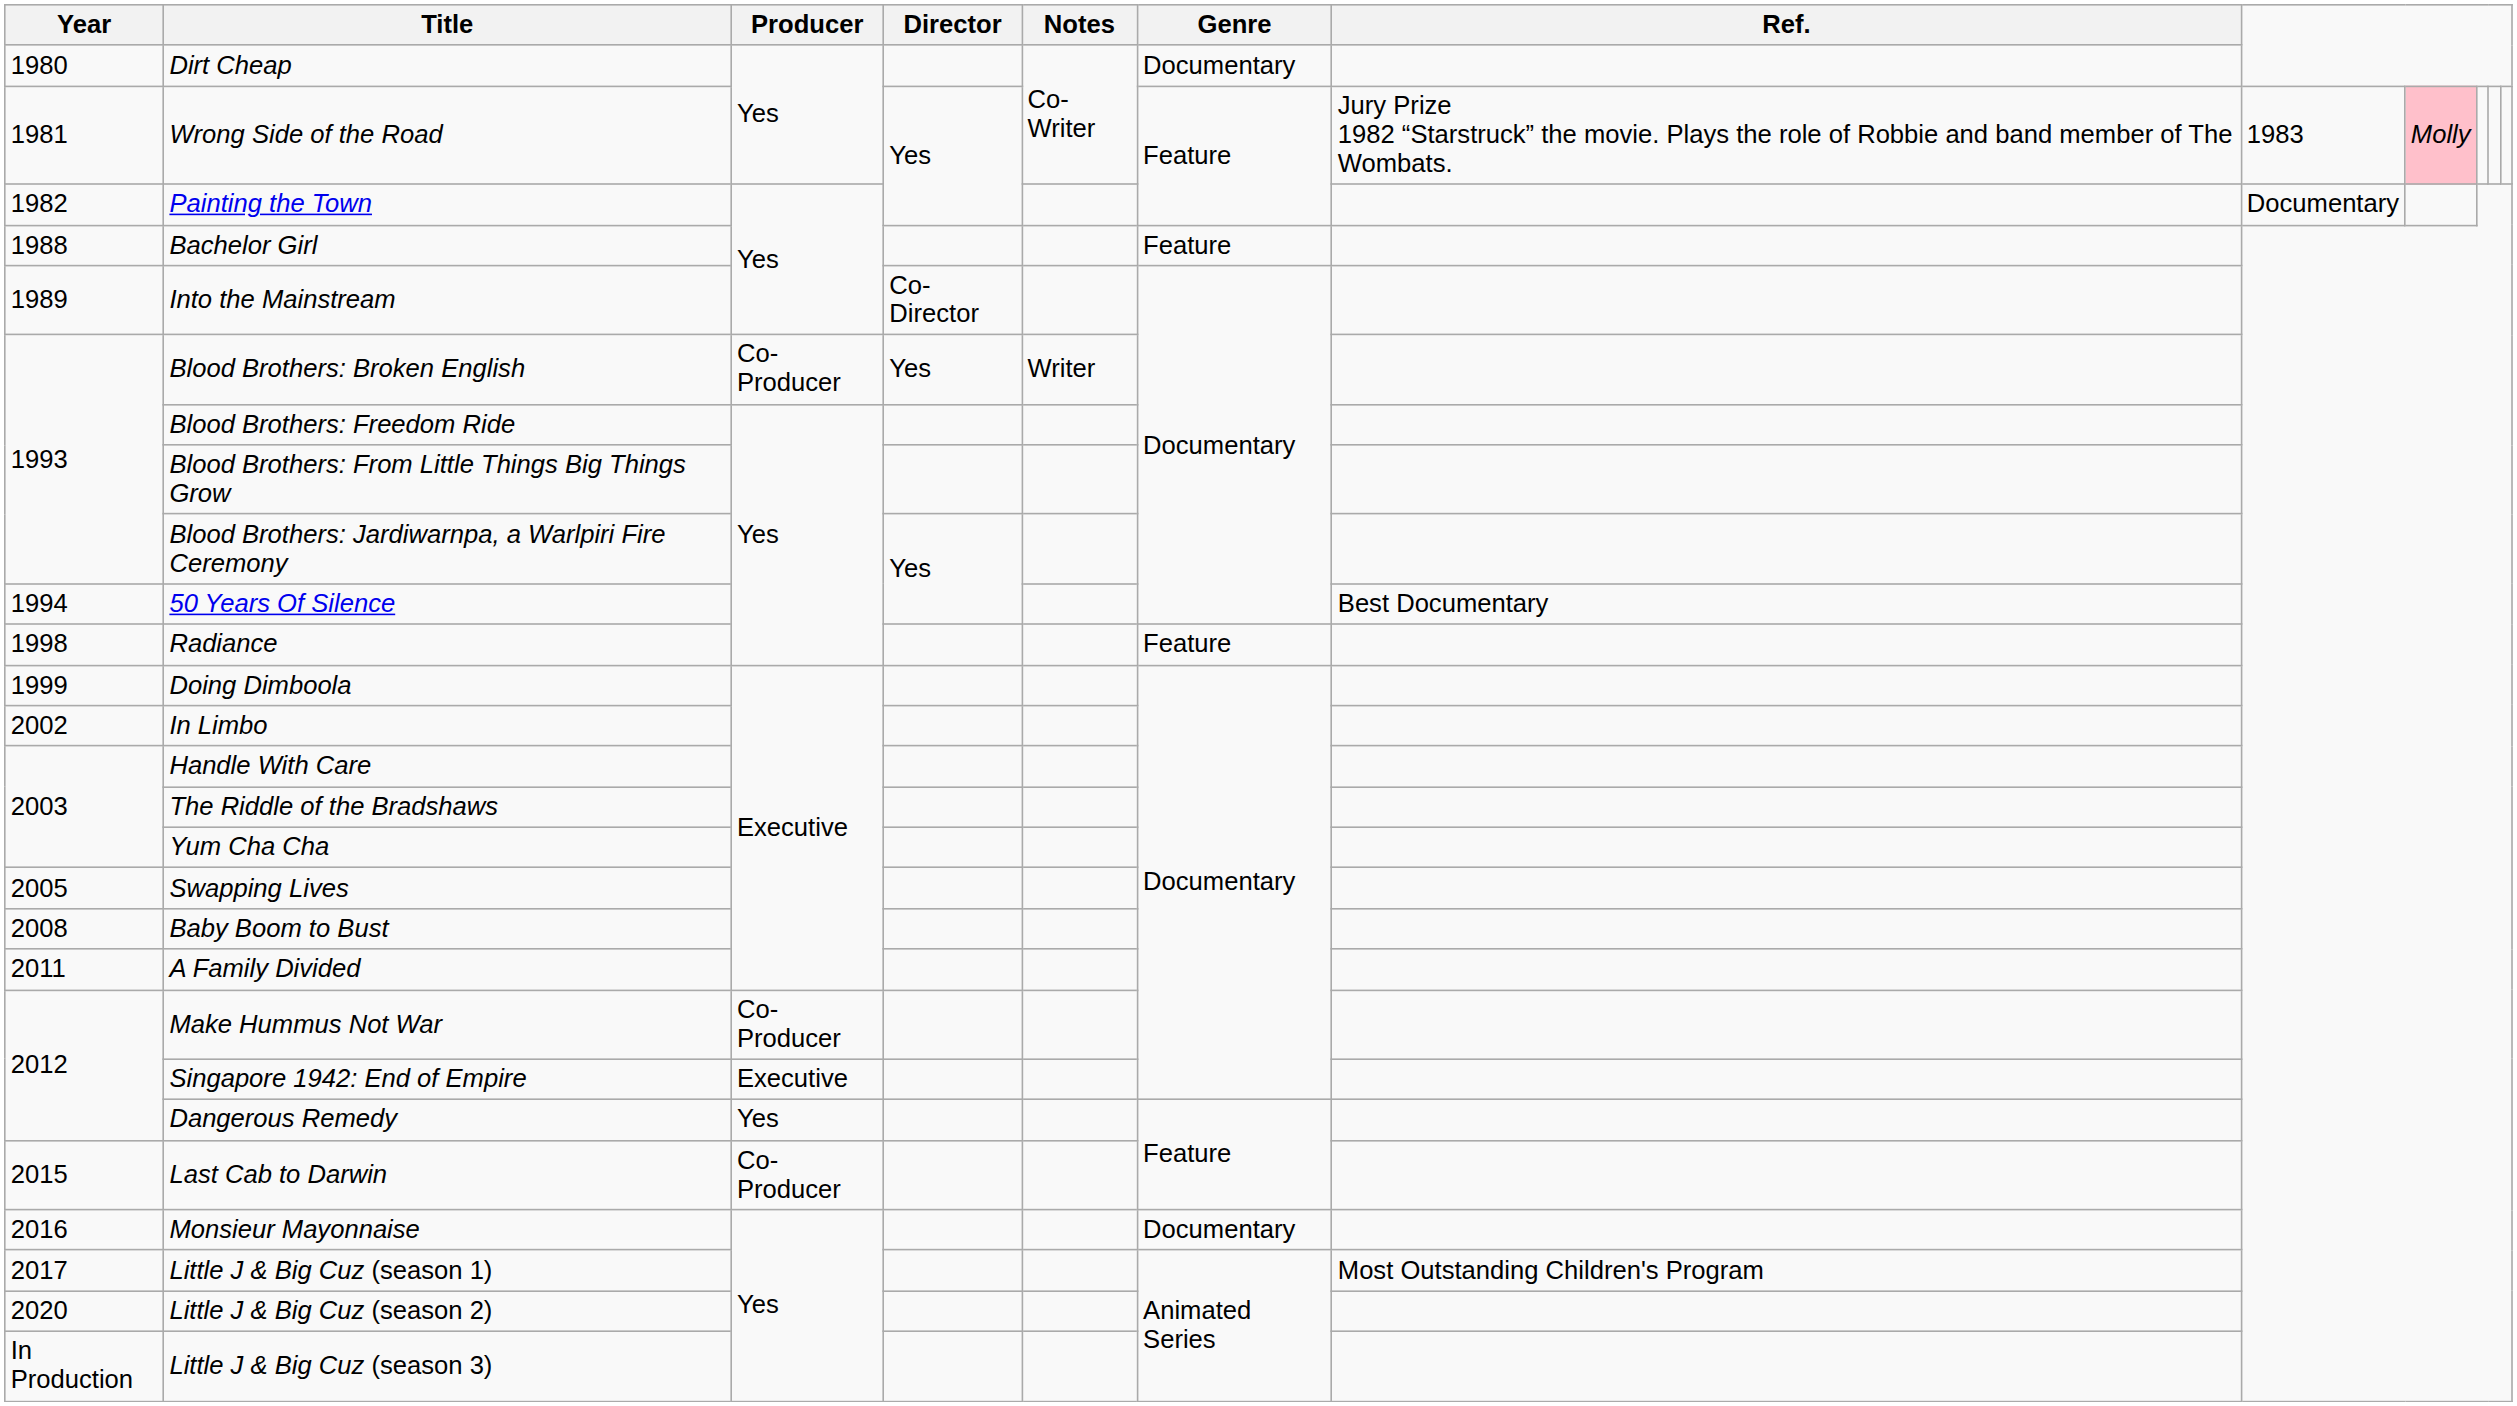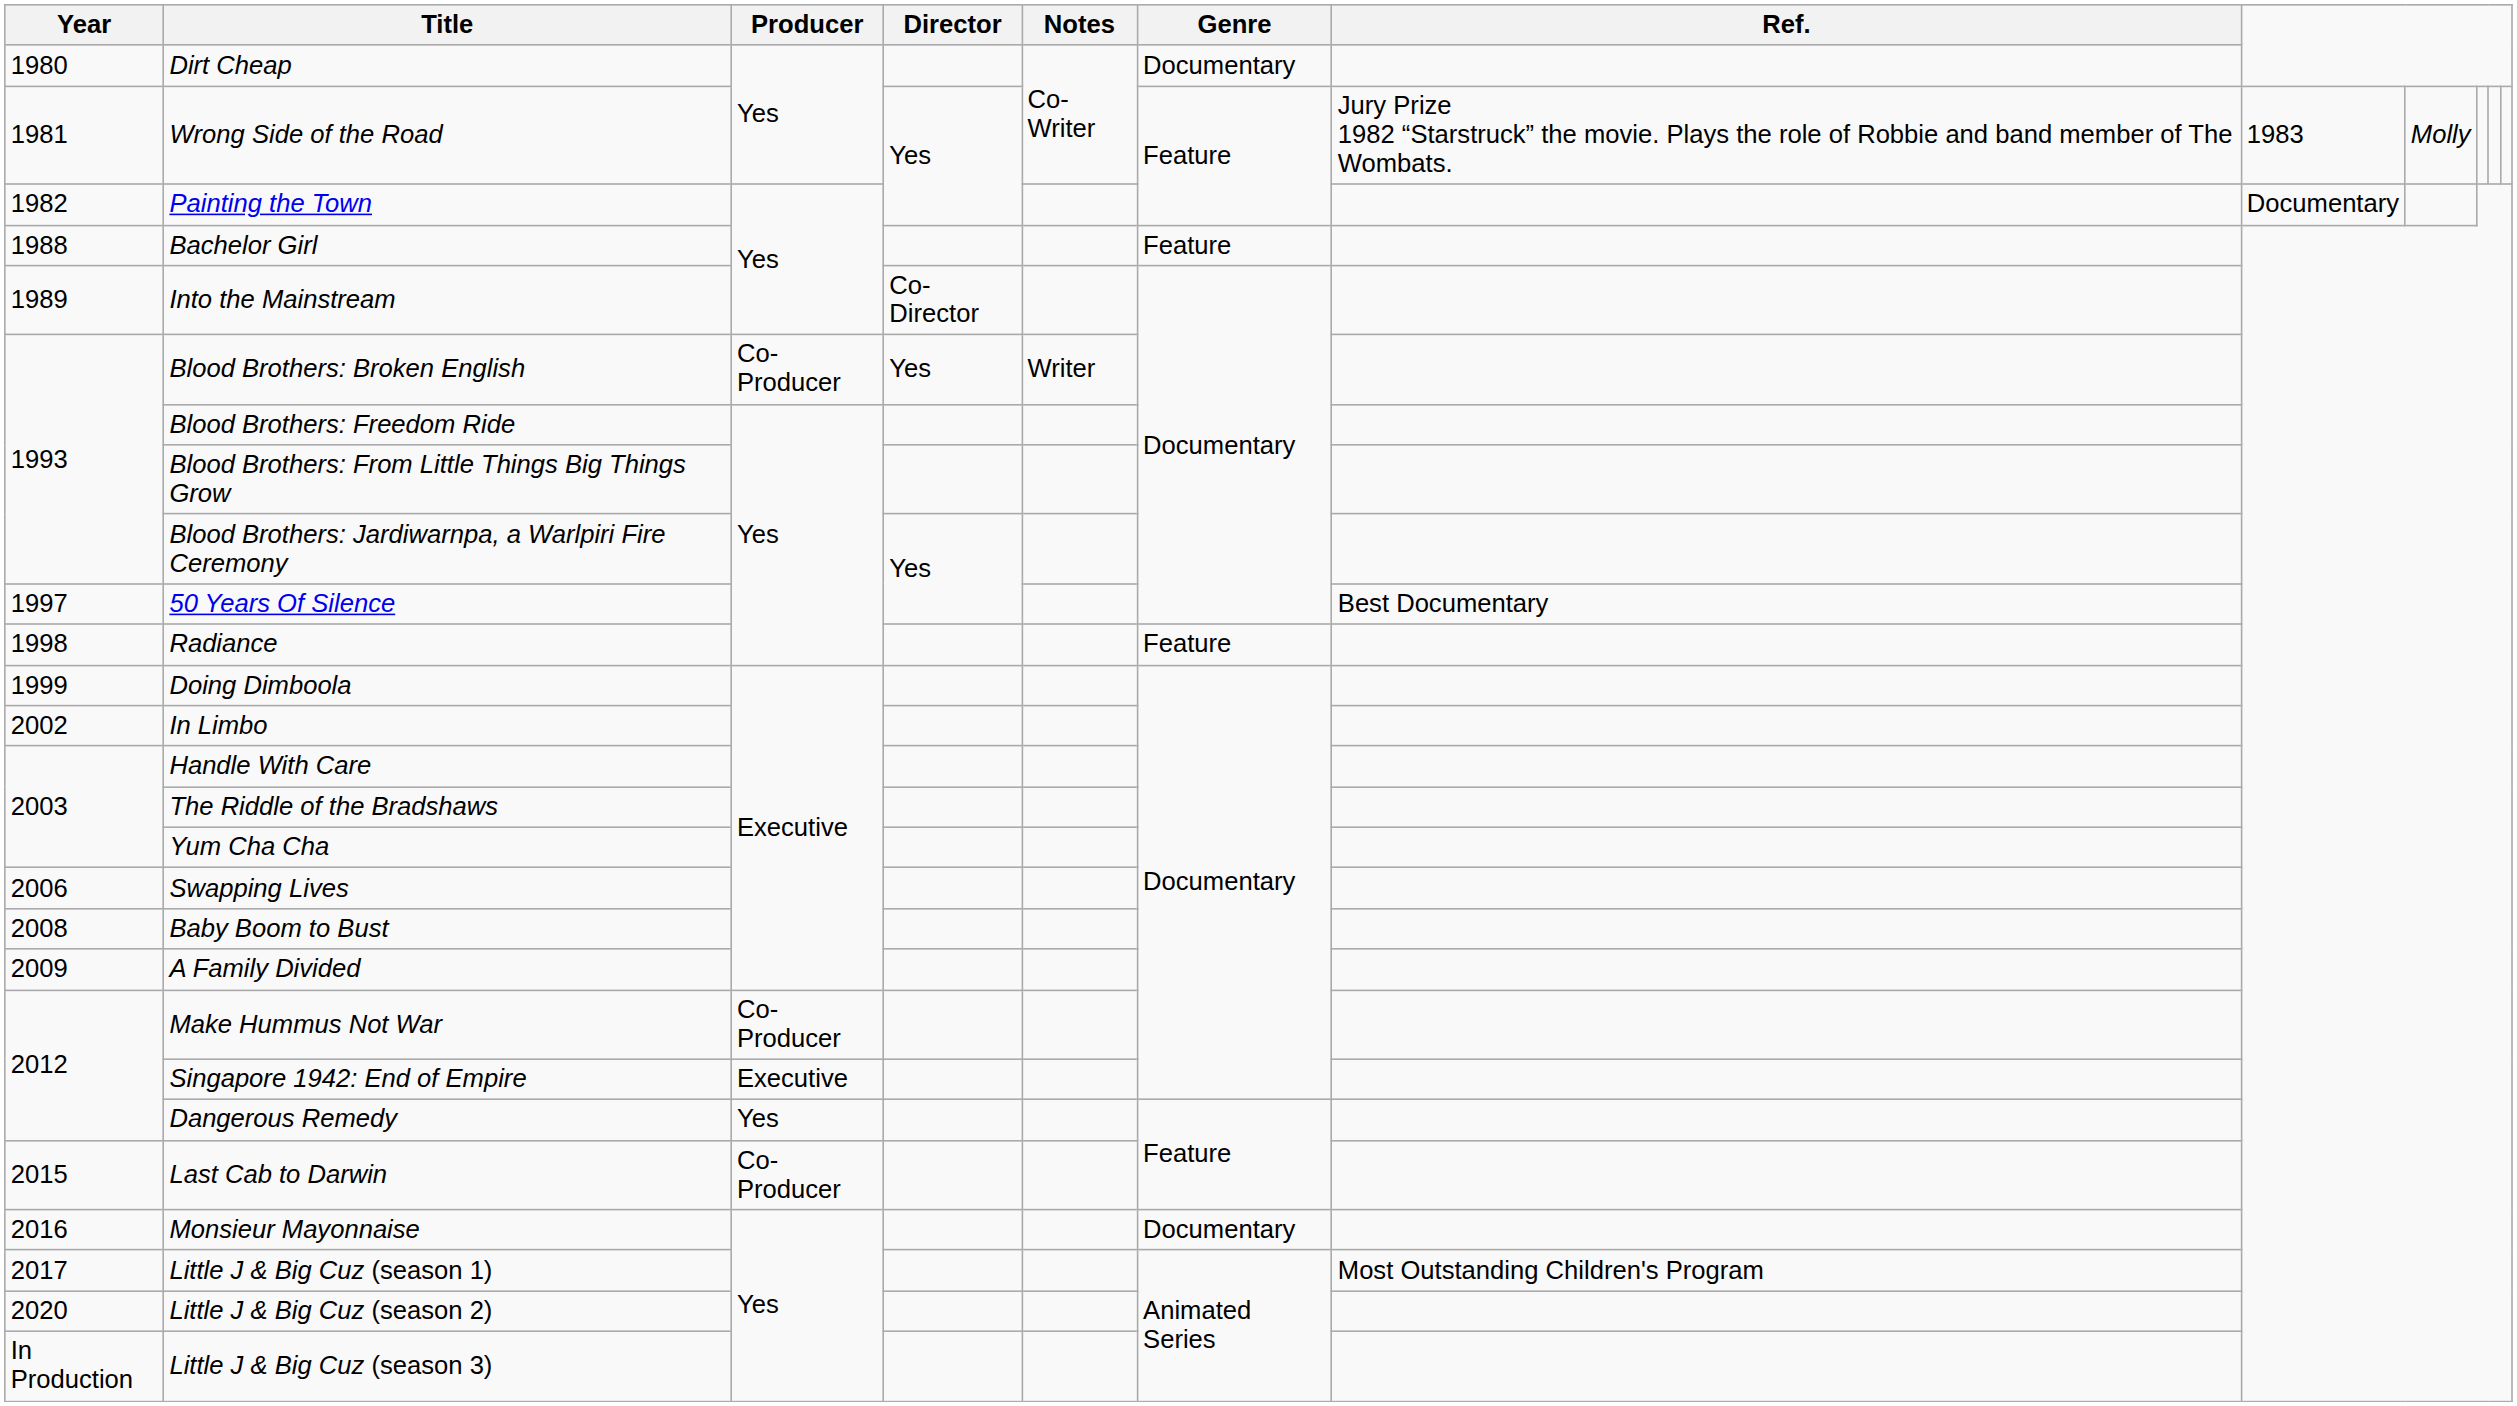 <table class="wikitable sortable mw-collapsible">
 <tr>
 <th>Year</th>
 <th>Title</th>
 <th>Producer</th>
 <th>Director</th>
 <th>Notes</th>
 <th>Genre</th>
 <th>Ref.</th>
 </tr>
 <tr>
 <td>1980</td>
 <td><em>Dirt Cheap</em></td>
 <td rowspan="2">Yes</td>
 <td></td>
 <td rowspan="2">Co-Writer</td>
 <td>Documentary</td>
 <td></td>
 </tr>
 <tr>
 <td>1981</td>
 <td><em>Wrong Side of the Road</em></td>
 <td rowspan="2">Yes</td>
 <td rowspan="2">Feature</td>
 <td>Jury Prize<br>1982  “Starstruck” the movie. Plays the role of Robbie and band member of The Wombats.</td>
 <td>1983</td>
-<td style="background: pink;"><em>Molly</em></td>
+<td><em>Molly</em></td>
 <td></td>
 <td></td>
 <td></td>
 </tr>
 <tr>
 <td>1982</td>
 <td><em><a href='#'>Painting the Town</a></em></td>
 <td rowspan="3">Yes</td>
 <td></td>
 <td></td>
 <td>Documentary</td>
 <td></td>
 </tr>
 <tr>
 <td>1988</td>
 <td><em>Bachelor Girl</em></td>
 <td></td>
 <td></td>
 <td>Feature</td>
 <td></td>
 </tr>
 <tr>
 <td>1989</td>
 <td><em>Into the Mainstream</em></td>
 <td>Co-Director</td>
 <td></td>
 <td rowspan="6">Documentary</td>
 <td></td>
 </tr>
 <tr>
 <td rowspan="4">1993</td>
 <td><em>Blood Brothers: Broken English</em></td>
 <td>Co-Producer</td>
 <td>Yes</td>
 <td>Writer</td>
 <td></td>
 </tr>
 <tr>
 <td><em>Blood Brothers: Freedom Ride</em></td>
 <td rowspan="5">Yes</td>
 <td></td>
 <td></td>
 <td></td>
 </tr>
 <tr>
 <td><em>Blood Brothers: From Little Things Big Things Grow</em></td>
 <td></td>
 <td></td>
 <td></td>
 </tr>
 <tr>
 <td><em>Blood Brothers: Jardiwarnpa, a Warlpiri Fire Ceremony</em></td>
 <td rowspan="2">Yes</td>
 <td></td>
 <td></td>
 </tr>
 <tr>
-<td>1994</td>
+<td>1997</td>
 <td><em><a href='#'>50 Years Of Silence</a></em></td>
 <td></td>
 <td>Best Documentary</td>
 </tr>
 <tr>
 <td>1998</td>
 <td><em>Radiance</em></td>
 <td></td>
 <td></td>
 <td>Feature</td>
 <td></td>
 </tr>
 <tr>
 <td>1999</td>
 <td><em>Doing Dimboola</em></td>
 <td rowspan="8">Executive</td>
 <td></td>
 <td></td>
 <td rowspan="10">Documentary</td>
 <td></td>
 </tr>
 <tr>
 <td>2002</td>
 <td><em>In Limbo</em></td>
 <td></td>
 <td></td>
 <td></td>
 </tr>
 <tr>
 <td rowspan="3">2003</td>
 <td><em>Handle With Care</em></td>
 <td></td>
 <td></td>
 <td></td>
 </tr>
 <tr>
 <td><em>The Riddle of the Bradshaws</em></td>
 <td></td>
 <td></td>
 <td></td>
 </tr>
 <tr>
 <td><em>Yum Cha Cha</em></td>
 <td></td>
 <td></td>
 <td></td>
 </tr>
 <tr>
-<td>2005</td>
+<td>2006</td>
 <td><em>Swapping Lives</em></td>
 <td></td>
 <td></td>
 <td></td>
 </tr>
 <tr>
 <td>2008</td>
 <td><em>Baby Boom to Bust</em></td>
 <td></td>
 <td></td>
 <td></td>
 </tr>
 <tr>
-<td>2011</td>
+<td>2009</td>
 <td><em>A Family Divided</em></td>
 <td></td>
 <td></td>
 <td></td>
 </tr>
 <tr>
 <td rowspan="3">2012</td>
 <td><em>Make Hummus Not War</em></td>
 <td>Co-Producer</td>
 <td></td>
 <td></td>
 <td></td>
 </tr>
 <tr>
 <td><em>Singapore 1942: End of Empire</em></td>
 <td>Executive</td>
 <td></td>
 <td></td>
 <td></td>
 </tr>
 <tr>
 <td><em>Dangerous Remedy</em></td>
 <td>Yes</td>
 <td></td>
 <td></td>
 <td rowspan="2">Feature</td>
 <td></td>
 </tr>
 <tr>
 <td>2015</td>
 <td><em>Last Cab to Darwin</em></td>
 <td>Co-Producer</td>
 <td></td>
 <td></td>
 <td></td>
 </tr>
 <tr>
 <td>2016</td>
 <td><em>Monsieur Mayonnaise</em></td>
 <td rowspan="4">Yes</td>
 <td></td>
 <td></td>
 <td>Documentary</td>
 <td></td>
 </tr>
 <tr>
 <td>2017</td>
 <td><em>Little J & Big Cuz</em> (season 1)</td>
 <td></td>
 <td></td>
 <td rowspan="3">Animated Series</td>
 <td>Most Outstanding Children's Program </td>
 </tr>
 <tr>
 <td>2020</td>
 <td><em>Little J & Big Cuz</em> (season 2)</td>
 <td></td>
 <td></td>
 <td></td>
 </tr>
 <tr>
 <td>In Production</td>
 <td><em>Little J & Big Cuz</em> (season 3)</td>
 <td></td>
 <td></td>
 <td></td>
 </tr>
 </table>
